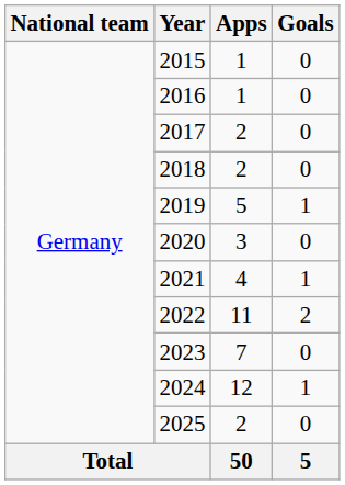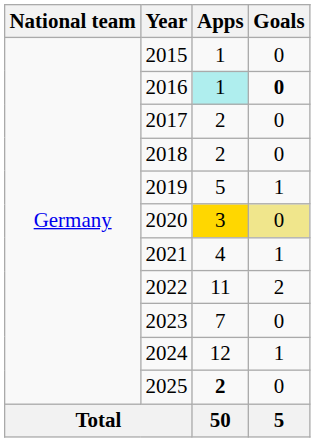 <table class="wikitable" style="text-align:center">
 <tr>
 <th>National team</th>
 <th>Year</th>
 <th>Apps</th>
 <th>Goals</th>
 </tr>
 <tr>
 <td rowspan="11"><a href='#'>Germany</a></td>
 <td>2015</td>
 <td>1</td>
 <td>0</td>
 </tr>
 <tr>
 <td>2016</td>
-<td>1</td>
-<td>0</td>
+<td style="background: paleturquoise;">1</td>
+<td><strong>0</strong></td>
 </tr>
 <tr>
 <td>2017</td>
 <td>2</td>
 <td>0</td>
 </tr>
 <tr>
 <td>2018</td>
 <td>2</td>
 <td>0</td>
 </tr>
 <tr>
 <td>2019</td>
 <td>5</td>
 <td>1</td>
 </tr>
 <tr>
 <td>2020</td>
-<td>3</td>
-<td>0</td>
+<td style="background: gold;">3</td>
+<td style="background: khaki;">0</td>
 </tr>
 <tr>
 <td>2021</td>
 <td>4</td>
 <td>1</td>
 </tr>
 <tr>
 <td>2022</td>
 <td>11</td>
 <td>2</td>
 </tr>
 <tr>
 <td>2023</td>
 <td>7</td>
 <td>0</td>
 </tr>
 <tr>
 <td>2024</td>
 <td>12</td>
 <td>1</td>
 </tr>
 <tr>
 <td>2025</td>
-<td>2</td>
+<td><strong>2</strong></td>
 <td>0</td>
 </tr>
 <tr>
 <th colspan="2">Total</th>
 <th>50</th>
 <th>5</th>
 </tr>
 </table>
